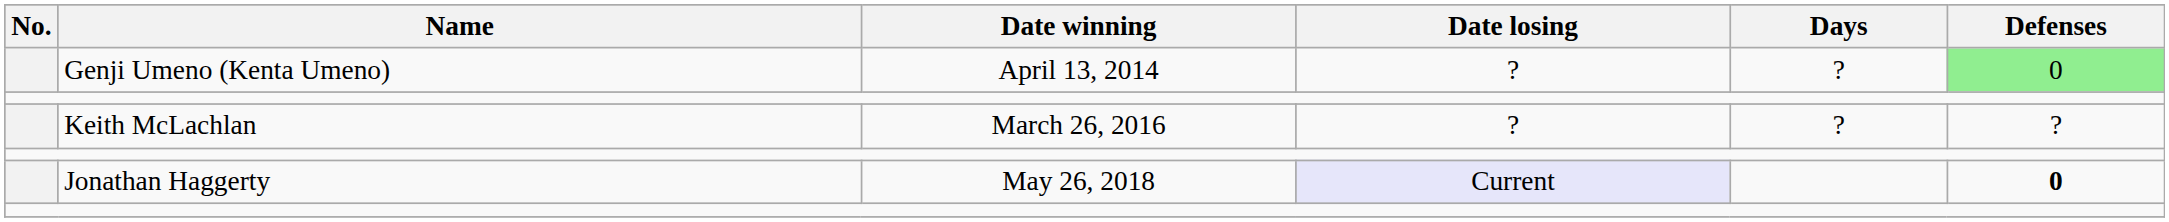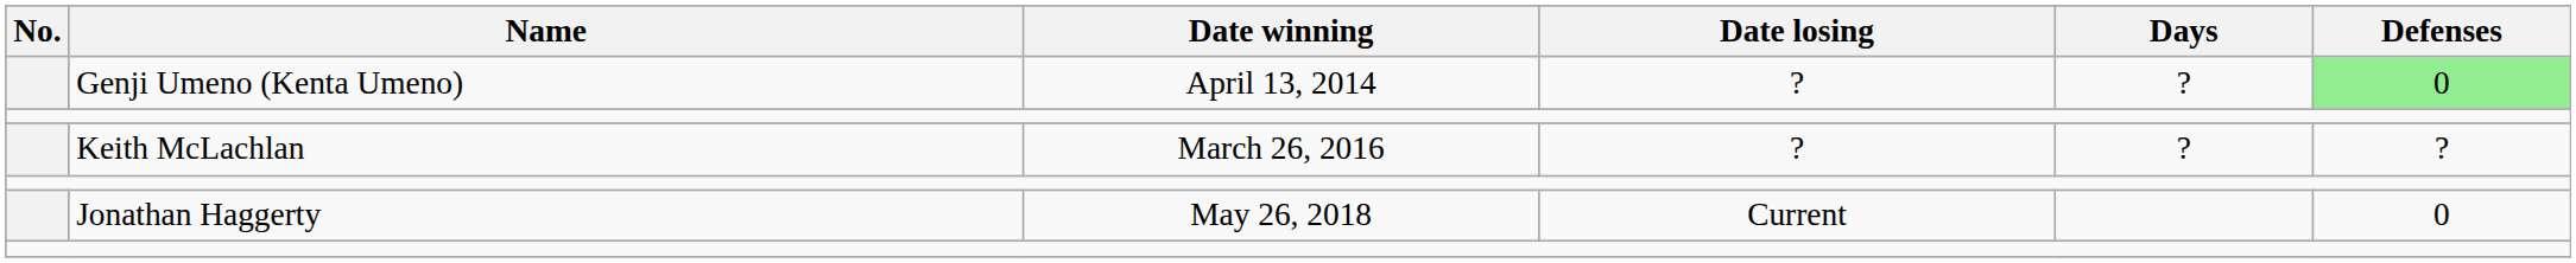 <table class="wikitable" style="width:100%;">
 <tr>
 <th style="width:1%;">No.</th>
 <th style="width:37%;">Name</th>
 <th style="width:20%;">Date winning</th>
 <th style="width:20%;">Date losing</th>
 <th data-sort-type="number" style="width:10%;">Days</th>
 <th data-sort-type="number" style="width:10%;">Defenses</th>
 </tr>
 <tr align=center>
 <th></th>
 <td align=left> Genji Umeno (Kenta Umeno)</td>
 <td>April 13, 2014</td>
 <td>?</td>
 <td>?</td>
 <td style="background: lightgreen;">0</td>
 </tr>
 <tr>
 <td colspan="6"></td>
 </tr>
 <tr align=center>
 <th></th>
 <td align=left> Keith McLachlan</td>
 <td>March 26, 2016</td>
 <td>?</td>
 <td>?</td>
 <td>?</td>
 </tr>
 <tr>
 <td colspan="6"></td>
 </tr>
 <tr align=center>
 <th></th>
 <td align=left> Jonathan Haggerty</td>
 <td>May 26, 2018</td>
-<td style="background: lavender;">Current</td>
+<td>Current</td>
 <td></td>
-<td><strong>0</strong></td>
+<td>0</td>
 </tr>
 <tr>
 <td colspan="6"></td>
 </tr>
 </table>
